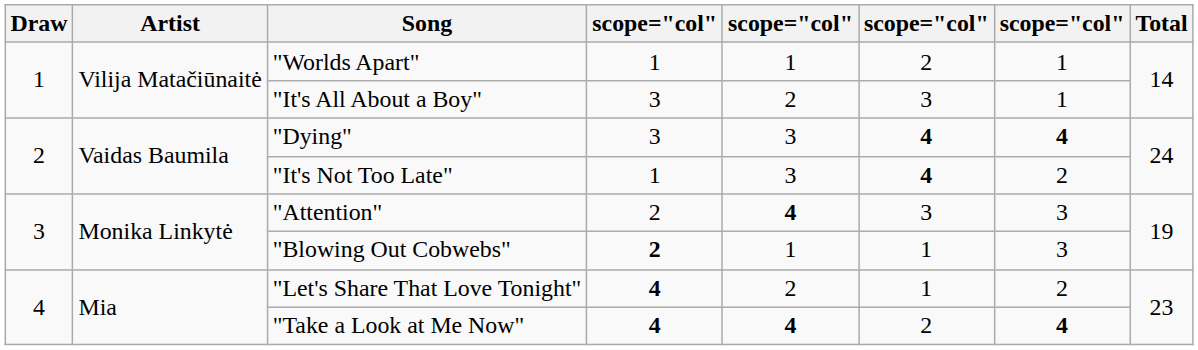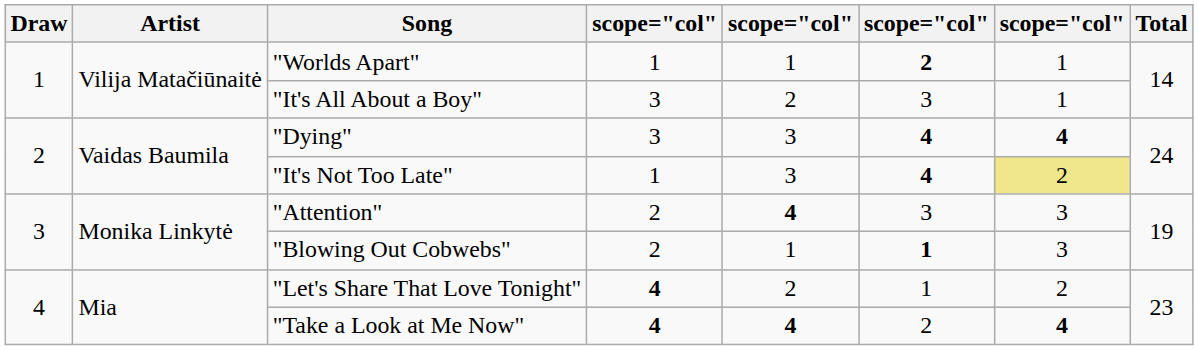 <table class="wikitable collapsible" style="margin: 1em auto 1em auto; text-align:center;">
 <tr>
 <th>Draw</th>
 <th>Artist</th>
 <th>Song</th>
 <th>scope="col" </th>
 <th>scope="col" </th>
 <th>scope="col" </th>
 <th>scope="col" </th>
 <th>Total</th>
 </tr>
 <tr>
 <td rowspan="2">1</td>
 <td rowspan="2" align="left">Vilija Matačiūnaitė</td>
 <td align="left">"Worlds Apart"</td>
 <td>1</td>
 <td>1</td>
-<td>2</td>
+<td><strong>2</strong></td>
 <td>1</td>
 <td rowspan="2">14</td>
 </tr>
 <tr>
 <td align="left">"It's All About a Boy"</td>
 <td>3</td>
 <td>2</td>
 <td>3</td>
 <td>1</td>
 </tr>
 <tr>
 <td rowspan="2">2</td>
 <td rowspan="2" align="left">Vaidas Baumila</td>
 <td align="left">"Dying"</td>
 <td>3</td>
 <td>3</td>
 <td><strong>4</strong></td>
 <td><strong>4</strong></td>
 <td rowspan="2">24</td>
 </tr>
 <tr>
 <td align="left">"It's Not Too Late"</td>
 <td>1</td>
 <td>3</td>
 <td><strong>4</strong></td>
-<td>2</td>
+<td style="background: khaki;">2</td>
 </tr>
 <tr>
 <td rowspan="2">3</td>
 <td rowspan="2" align="left">Monika Linkytė</td>
 <td align="left">"Attention"</td>
 <td>2</td>
 <td><strong>4</strong></td>
 <td>3</td>
 <td>3</td>
 <td rowspan="2">19</td>
 </tr>
 <tr>
 <td align="left">"Blowing Out Cobwebs"</td>
-<td><strong>2</strong></td>
+<td>2</td>
 <td>1</td>
-<td>1</td>
+<td><strong>1</strong></td>
 <td>3</td>
 </tr>
 <tr>
 <td rowspan="2">4</td>
 <td rowspan="2" align="left">Mia</td>
 <td align="left">"Let's Share That Love Tonight"</td>
 <td><strong>4</strong></td>
 <td>2</td>
 <td>1</td>
 <td>2</td>
 <td rowspan="2">23</td>
 </tr>
 <tr>
 <td align="left">"Take a Look at Me Now"</td>
 <td><strong>4</strong></td>
 <td><strong>4</strong></td>
 <td>2</td>
 <td><strong>4</strong></td>
 </tr>
 </table>
